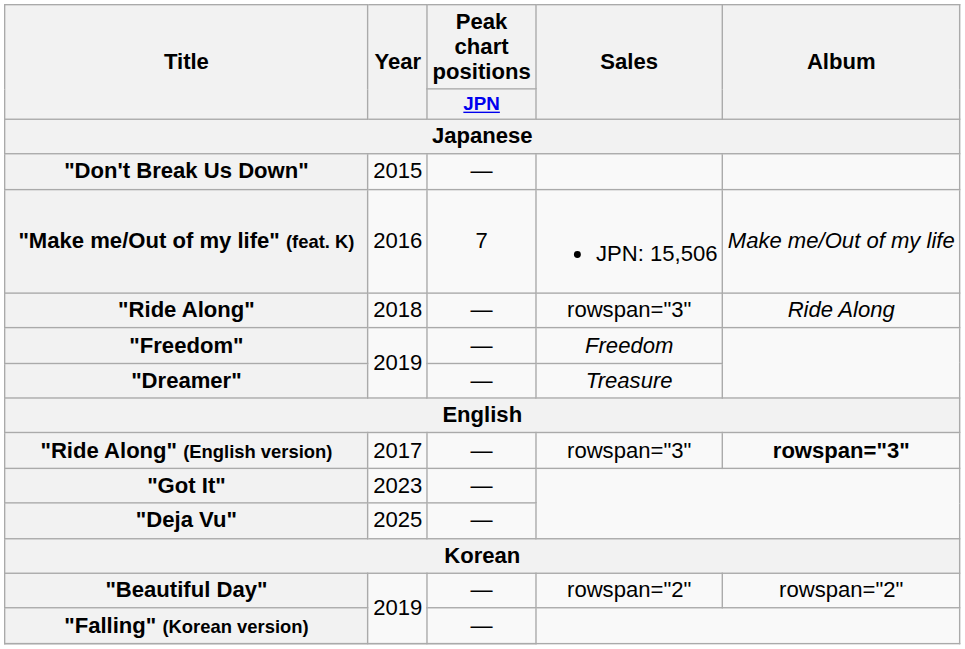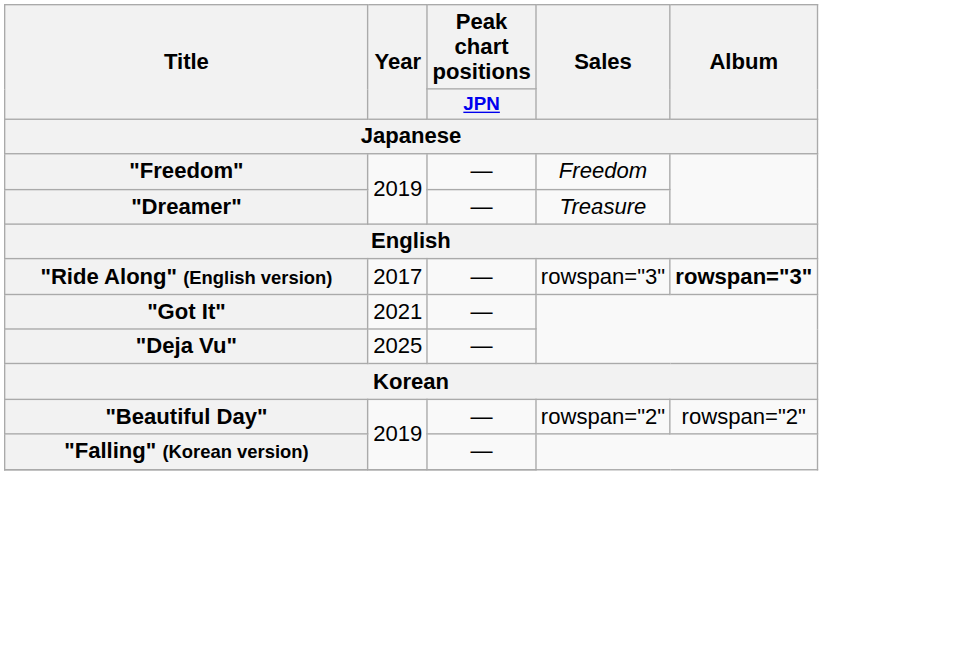 <table class="wikitable plainrowheaders" style="text-align:center;">
 <tr>
 <th scope="col" rowspan="2" style="width:16em;">Title</th>
 <th scope="col" rowspan="2">Year</th>
 <th scope="col" colspan="1">Peak chart positions</th>
 <th scope="col" rowspan="2">Sales</th>
 <th scope="col" rowspan="2">Album</th>
 </tr>
 <tr>
 <th scope="col" style="width:3em;font-size:85%;"><a href='#'>JPN</a></th>
 </tr>
 <tr>
 <th colspan="5">Japanese</th>
-</tr>
-<tr>
-<th scope="row">"Don't Break Us Down"</th>
-<td>2015</td>
-<td>—</td>
-<td></td>
-<td></td>
-</tr>
-<tr>
-<th scope="row">"Make me/Out of my life" <small>(feat. K)</small></th>
-<td>2016</td>
-<td>7</td>
-<td><br><ul><li>JPN: 15,506</li></ul></td>
-<td><em>Make me/Out of my life</em></td>
-</tr>
-<tr>
-<th scope="row">"Ride Along"</th>
-<td>2018</td>
-<td>—</td>
-<td>rowspan="3" </td>
-<td><em>Ride Along</em></td>
 </tr>
 <tr>
 <th scope="row">"Freedom"</th>
 <td rowspan="2">2019</td>
 <td>—</td>
 <td><em>Freedom</em></td>
 </tr>
 <tr>
 <th scope="row">"Dreamer"</th>
 <td>—</td>
 <td><em>Treasure</em></td>
 </tr>
 <tr>
 <th colspan="5">English</th>
 </tr>
 <tr>
 <th scope="row">"Ride Along" <small>(English version)</small></th>
 <td>2017</td>
 <td>—</td>
 <td>rowspan="3" </td>
 <td><strong>rowspan="3" </strong></td>
 </tr>
 <tr>
 <th scope="row">"Got It"</th>
-<td>2023</td>
+<td>2021</td>
 <td>—</td>
 </tr>
 <tr>
 <th scope="row">"Deja Vu"</th>
 <td>2025</td>
 <td>—</td>
 </tr>
 <tr>
 <th colspan="5">Korean</th>
 </tr>
 <tr>
 <th scope="row">"Beautiful Day"</th>
 <td rowspan="2">2019</td>
 <td>—</td>
 <td>rowspan="2" </td>
 <td>rowspan="2" </td>
 </tr>
 <tr>
 <th scope="row">"Falling" <small>(Korean version)</small></th>
 <td>—</td>
 </tr>
 <tr>
 </tr>
 </table>
